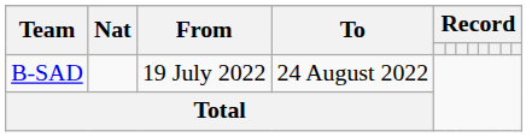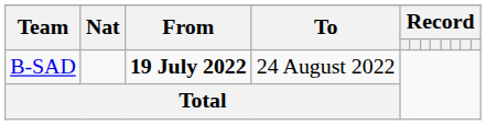 <table class="wikitable" style="text-align: center">
 <tr>
 </tr>
 <tr>
 <th rowspan="2">Team</th>
 <th rowspan="2">Nat</th>
 <th rowspan="2">From</th>
 <th rowspan="2">To</th>
 <th colspan="8">Record</th>
 </tr>
 <tr>
 <th></th>
 <th></th>
 <th></th>
 <th></th>
 <th></th>
 <th></th>
 <th></th>
 <th></th>
 </tr>
 <tr>
 <td align=left><a href='#'>B-SAD</a></td>
 <td></td>
-<td align=left>19 July 2022</td>
+<td align=left><strong>19 July 2022</strong></td>
 <td align=left>24 August 2022<br></td>
 </tr>
 <tr>
 <th colspan="4">Total<br></th>
 </tr>
 </table>
